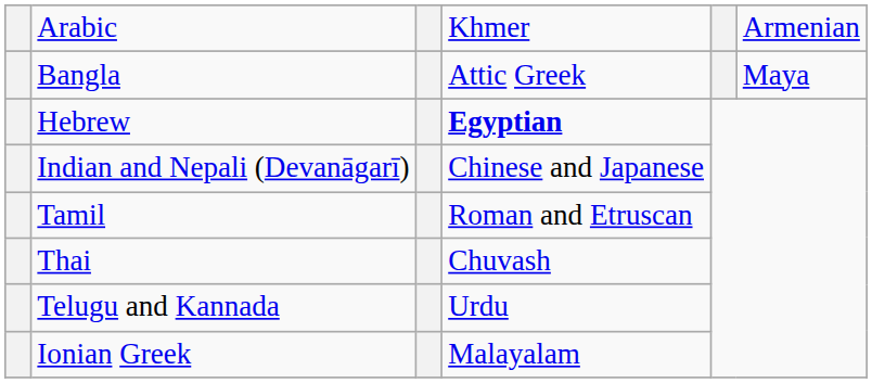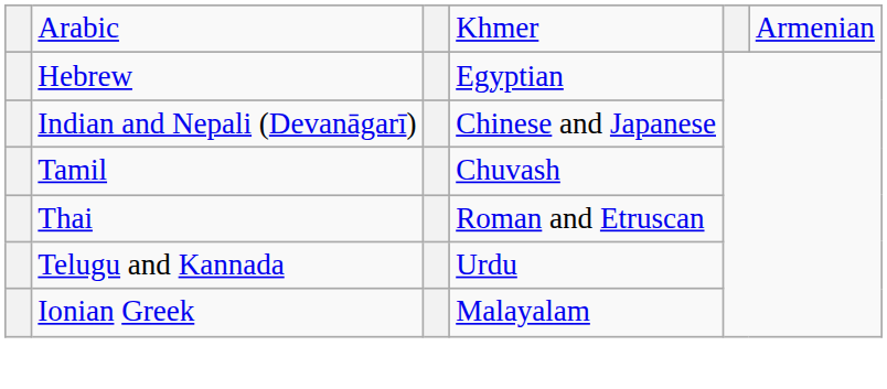 <table class="wikitable">
 <tr>
 <th style="font-size:2em;line-height:1.0;font-family:Arial Unicode MS, Code2000,serif"></th>
 <td><a href='#'>Arabic</a></td>
 <th style="font-size:2em;line-height:1.0;font-family:Arial Unicode MS, Code2000,serif"></th>
 <td><a href='#'>Khmer</a></td>
 <th style="font-size:2em;line-height:1.0;font-family:Arial Unicode MS, Code2000,serif"></th>
 <td><a href='#'>Armenian</a></td>
 </tr>
 <tr>
 <th style="font-size:2em;line-height:1.0;font-family:Arial Unicode MS, Code2000,serif"></th>
-<td><a href='#'>Bangla</a></td>
-<th style="font-size:2em;line-height:1.0;font-family:Arial Unicode MS, Code2000,serif"></th>
-<td><a href='#'>Attic</a> <a href='#'>Greek</a></td>
-<th style="font-size:2em;line-height:1.0;font-family:Arial Unicode MS, Code2000,serif"></th>
-<td><a href='#'>Maya</a></td>
-</tr>
-<tr>
-<th style="font-size:2em;line-height:1.0;font-family:Arial Unicode MS, Code2000,serif"></th>
 <td><a href='#'>Hebrew</a></td>
 <th style="font-size:2em;line-height:1.0;font-family:Arial Unicode MS, Code2000,serif"></th>
-<td><strong><a href='#'>Egyptian</a></strong></td>
+<td><a href='#'>Egyptian</a></td>
 </tr>
 <tr>
 <th style="font-size:2em;line-height:1.0;font-family:Arial Unicode MS, Code2000,serif"></th>
 <td><a href='#'>Indian and Nepali</a> (<a href='#'>Devanāgarī</a>)</td>
 <th style="font-size:2em;line-height:1.0;font-family:Arial Unicode MS, Code2000,serif"></th>
 <td><a href='#'>Chinese</a> and <a href='#'>Japanese</a></td>
 </tr>
 <tr>
 <th style="font-size:2em;line-height:1.0;font-family:Arial Unicode MS, Code2000,serif"></th>
 <td><a href='#'>Tamil</a></td>
 <th style="font-size:2em;line-height:1.0;font-family:Arial Unicode MS, Code2000,serif"></th>
-<td><a href='#'>Roman</a> and <a href='#'>Etruscan</a></td>
+<td><a href='#'>Chuvash</a></td>
 </tr>
 <tr>
 <th style="font-size:2em;line-height:1.0;font-family:Arial Unicode MS, Code2000,serif"></th>
 <td><a href='#'>Thai</a></td>
 <th style="font-size:2em;line-height:1.0;font-family:Arial Unicode MS, Code2000,serif"></th>
-<td><a href='#'>Chuvash</a></td>
+<td><a href='#'>Roman</a> and <a href='#'>Etruscan</a></td>
 </tr>
 <tr>
 <th style="font-size:2em;line-height:1.0;font-family:Arial Unicode MS, Code2000,serif"></th>
 <td><a href='#'>Telugu</a> and <a href='#'>Kannada</a></td>
 <th style="font-size:2em;line-height:1.0;font-family:Arial Unicode MS, Code2000,serif"></th>
 <td><a href='#'>Urdu</a></td>
 </tr>
 <tr>
 <th style="font-size:2em;line-height:1.0;font-family:Arial Unicode MS, Code2000,serif"></th>
 <td><a href='#'>Ionian</a> <a href='#'>Greek</a></td>
 <th style="font-size:2em;line-height:1.0;font-family:Arial Unicode MS, Code2000,serif"></th>
 <td><a href='#'>Malayalam</a></td>
 </tr>
 </table>
